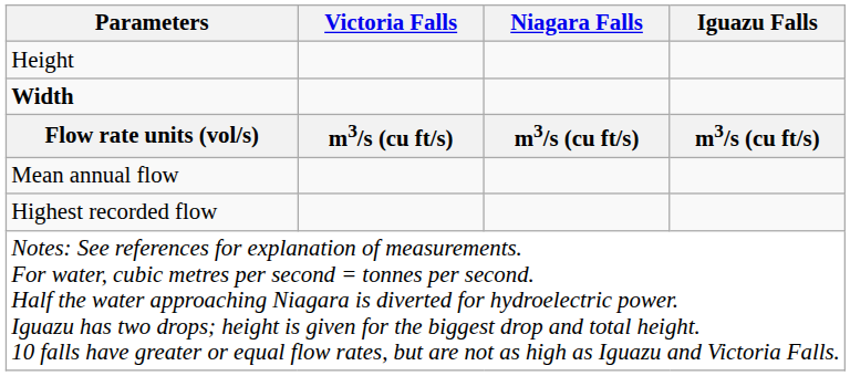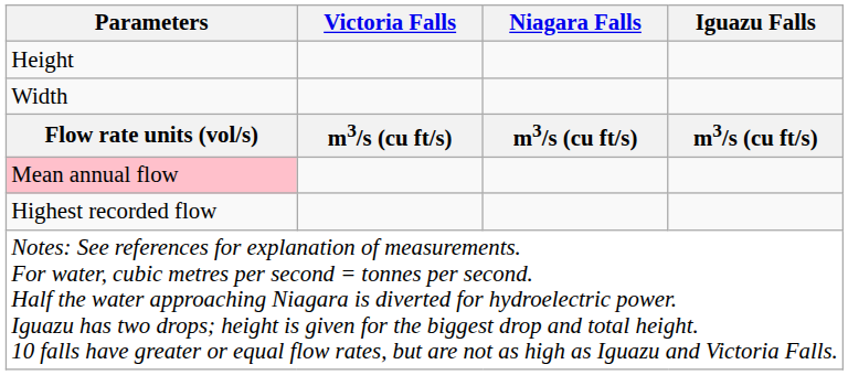 <table class="wikitable" style="margin: 1em 0 1em 1em;">
 <tr>
 <th>Parameters</th>
 <th><a href='#'>Victoria Falls</a></th>
 <th><a href='#'>Niagara Falls</a></th>
 <th>Iguazu Falls</th>
 </tr>
 <tr>
 <td>Height</td>
 <td></td>
 <td></td>
 <td></td>
 </tr>
 <tr>
-<td><strong>Width</strong></td>
+<td>Width</td>
 <td></td>
 <td></td>
 <td></td>
 </tr>
 <tr>
 <th>Flow rate units (vol/s)</th>
 <th>m<sup>3</sup>/s (cu ft/s)</th>
 <th>m<sup>3</sup>/s (cu ft/s)</th>
 <th>m<sup>3</sup>/s (cu ft/s)</th>
 </tr>
 <tr>
-<td>Mean annual flow</td>
+<td style="background: pink;">Mean annual flow</td>
 <td></td>
 <td></td>
 <td></td>
 </tr>
 <tr>
 <td>Highest recorded flow</td>
 <td></td>
 <td></td>
 <td></td>
 </tr>
 <tr bgcolor="white" font="8pt">
 <td colspan="100%"><em>Notes: See references for explanation of measurements.<br>For water, cubic metres per second = tonnes per second.<br>Half the water approaching Niagara is diverted for hydroelectric power.<br>Iguazu has two drops; height is given for the biggest drop and total height.<br>10 falls have greater or equal flow rates, but are not as high as Iguazu and Victoria Falls.</em></td>
 </tr>
 </table>
